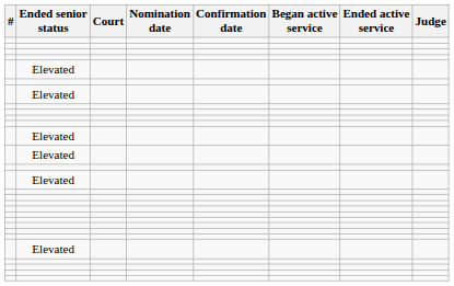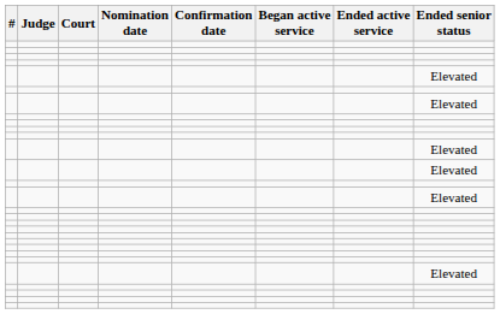 <table class="sortable wikitable">
 <tr bgcolor="#ececec">
 <th>#</th>
-<th>Ended senior<br>status</th>
+<th>Judge</th>
 <th>Court<br></th>
 <th>Nomination<br>date</th>
 <th>Confirmation<br>date</th>
 <th>Began active<br>service</th>
 <th>Ended active<br>service</th>
-<th>Judge</th>
+<th>Ended senior<br>status</th>
 </tr>
 <tr>
-<td></td>
-<td align="center"></td>
 <td></td>
 <td></td>
 <td></td>
 <td></td>
 <td></td>
 <td></td>
+<td></td>
+<td align="center"></td>
 </tr>
 <tr>
-<td></td>
-<td align="center"></td>
 <td></td>
 <td></td>
 <td></td>
 <td></td>
 <td></td>
 <td></td>
+<td></td>
+<td align="center"></td>
 </tr>
 <tr>
-<td></td>
-<td align="center"></td>
 <td></td>
 <td></td>
 <td></td>
 <td></td>
 <td></td>
 <td></td>
+<td></td>
+<td align="center"></td>
 </tr>
 <tr>
-<td></td>
-<td align="center"></td>
 <td></td>
 <td></td>
 <td></td>
 <td></td>
 <td></td>
 <td></td>
+<td></td>
+<td align="center"></td>
 </tr>
 <tr>
-<td></td>
-<td align="center">Elevated</td>
 <td></td>
 <td></td>
 <td></td>
 <td></td>
 <td></td>
 <td></td>
+<td></td>
+<td align="center">Elevated</td>
 </tr>
 <tr>
-<td></td>
-<td align="center"></td>
 <td></td>
 <td></td>
 <td></td>
 <td></td>
 <td></td>
 <td></td>
+<td></td>
+<td align="center"></td>
 </tr>
 <tr>
-<td></td>
-<td align="center">Elevated</td>
 <td></td>
 <td></td>
 <td></td>
 <td></td>
 <td></td>
 <td></td>
+<td></td>
+<td align="center">Elevated</td>
 </tr>
 <tr>
+<td></td>
+<td></td>
+<td></td>
 <td></td>
 <td align="center"></td>
 <td></td>
 <td></td>
 <td align="center"></td>
+</tr>
+<tr>
 <td></td>
 <td></td>
 <td></td>
-</tr>
-<tr>
 <td></td>
 <td align="center"></td>
 <td></td>
 <td></td>
 <td align="center"></td>
-<td></td>
-<td></td>
-<td></td>
 </tr>
 <tr>
 <td></td>
 <td></td>
 <td></td>
 <td></td>
 <td></td>
 <td></td>
 <td></td>
 <td></td>
 </tr>
 <tr>
 <td></td>
-<td align="center"></td>
 <td></td>
 <td></td>
 <td></td>
 <td></td>
 <td></td>
 <td></td>
+<td align="center"></td>
 </tr>
 <tr>
-<td></td>
-<td align="center">Elevated</td>
 <td></td>
 <td></td>
 <td></td>
 <td></td>
 <td></td>
 <td></td>
+<td></td>
+<td align="center">Elevated</td>
 </tr>
 <tr>
-<td></td>
-<td align="center">Elevated</td>
 <td></td>
 <td></td>
 <td></td>
 <td></td>
 <td></td>
 <td></td>
+<td></td>
+<td align="center">Elevated</td>
 </tr>
 <tr>
-<td></td>
-<td align="center"></td>
 <td></td>
 <td></td>
 <td></td>
 <td></td>
 <td></td>
 <td></td>
+<td></td>
+<td align="center"></td>
 </tr>
 <tr>
-<td></td>
-<td align="center">Elevated</td>
 <td></td>
 <td></td>
 <td></td>
 <td></td>
 <td></td>
 <td></td>
+<td></td>
+<td align="center">Elevated</td>
 </tr>
 <tr>
-<td></td>
-<td align="center"></td>
 <td></td>
 <td></td>
 <td></td>
 <td></td>
 <td></td>
 <td></td>
+<td></td>
+<td align="center"></td>
 </tr>
 <tr>
-<td></td>
-<td align="center"></td>
 <td></td>
 <td></td>
 <td></td>
 <td></td>
 <td></td>
 <td></td>
+<td></td>
+<td align="center"></td>
 </tr>
 <tr>
-<td></td>
-<td align="center"></td>
 <td></td>
 <td></td>
 <td></td>
 <td></td>
 <td></td>
 <td></td>
+<td></td>
+<td align="center"></td>
 </tr>
 <tr>
-<td></td>
-<td align="center"></td>
 <td></td>
 <td></td>
 <td></td>
 <td></td>
 <td></td>
 <td></td>
+<td></td>
+<td align="center"></td>
 </tr>
 <tr>
-<td></td>
-<td align="center"></td>
 <td></td>
 <td></td>
 <td></td>
 <td></td>
 <td></td>
 <td></td>
+<td></td>
+<td align="center"></td>
 </tr>
 <tr>
-<td></td>
-<td align="center"></td>
 <td></td>
 <td></td>
 <td></td>
 <td></td>
 <td></td>
 <td></td>
+<td></td>
+<td align="center"></td>
 </tr>
 <tr>
-<td></td>
-<td align="center"></td>
 <td></td>
 <td></td>
 <td></td>
 <td></td>
 <td></td>
 <td></td>
+<td></td>
+<td align="center"></td>
 </tr>
 <tr>
-<td></td>
-<td align="center"></td>
 <td></td>
 <td></td>
 <td></td>
 <td></td>
 <td></td>
 <td></td>
+<td></td>
+<td align="center"></td>
 </tr>
 <tr>
-<td></td>
-<td align="center"></td>
 <td></td>
 <td></td>
 <td></td>
 <td></td>
 <td></td>
 <td></td>
+<td></td>
+<td align="center"></td>
 </tr>
 <tr>
 <td></td>
-<td align="center">Elevated</td>
+<td></td>
 <td></td>
 <td align="center"></td>
 <td align="center"></td>
 <td></td>
 <td></td>
-<td></td>
+<td align="center">Elevated</td>
 </tr>
 <tr>
 <td></td>
-<td align="center"></td>
+<td></td>
 <td></td>
 <td align="center"></td>
 <td align="center"></td>
 <td></td>
 <td></td>
-<td></td>
+<td align="center"></td>
 </tr>
 <tr>
 <td></td>
-<td align="center"></td>
+<td></td>
 <td></td>
 <td align="center"></td>
 <td align="center"></td>
 <td></td>
 <td></td>
-<td></td>
+<td align="center"></td>
 </tr>
 <tr>
 <td></td>
-<td align="center"></td>
+<td></td>
 <td></td>
 <td align="center"></td>
 <td align="center"></td>
 <td></td>
 <td></td>
-<td></td>
+<td align="center"></td>
 </tr>
 <tr>
 <td></td>
-<td align="center"></td>
+<td></td>
 <td></td>
 <td align="center"></td>
 <td align="center"></td>
 <td></td>
 <td></td>
-<td></td>
+<td align="center"></td>
 </tr>
 </table>
